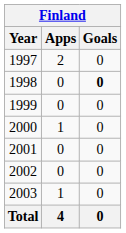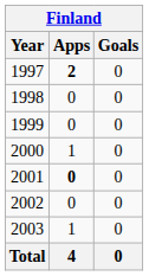 <table class=wikitable style=text-align:center>
 <tr>
 <th colspan=4><a href='#'>Finland</a></th>
 </tr>
 <tr>
 <th>Year</th>
 <th>Apps</th>
 <th>Goals</th>
 </tr>
 <tr>
 <td>1997</td>
-<td>2</td>
+<td><strong>2</strong></td>
 <td>0</td>
 </tr>
 <tr>
 <td>1998</td>
 <td>0</td>
-<td><strong>0</strong></td>
+<td>0</td>
 </tr>
 <tr>
 <td>1999</td>
 <td>0</td>
 <td>0</td>
 </tr>
 <tr>
 <td>2000</td>
 <td>1</td>
 <td>0</td>
 </tr>
 <tr>
 <td>2001</td>
-<td>0</td>
+<td><strong>0</strong></td>
 <td>0</td>
 </tr>
 <tr>
 <td>2002</td>
 <td>0</td>
 <td>0</td>
 </tr>
 <tr>
 <td>2003</td>
 <td>1</td>
 <td>0</td>
 </tr>
 <tr>
 <th colspan=1>Total</th>
 <th>4</th>
 <th>0</th>
 </tr>
 </table>
